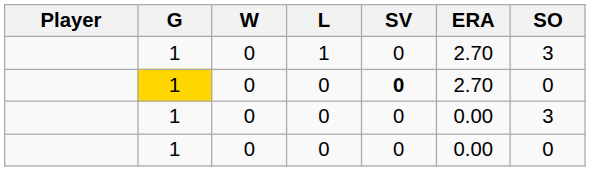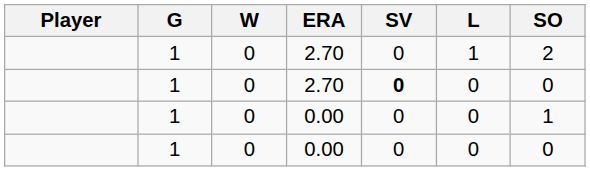 <table class="wikitable sortable">
 <tr>
 <th bgcolor="#DDDDFF" width="16%">Player</th>
 <th bgcolor="#DDDDFF" width="9%">G</th>
 <th bgcolor="#DDDDFF" width="9%">W</th>
+<th bgcolor="#DDDDFF" width="9%">ERA</th>
+<th bgcolor="#DDDDFF" width="9%">SV</th>
 <th bgcolor="#DDDDFF" width="9%">L</th>
-<th bgcolor="#DDDDFF" width="9%">SV</th>
-<th bgcolor="#DDDDFF" width="9%">ERA</th>
 <th bgcolor="#DDDDFF" width="9%">SO</th>
 </tr>
 <tr align="center">
 <td></td>
 <td>1</td>
 <td>0</td>
+<td>2.70</td>
+<td>0</td>
+<td>1</td>
+<td>2</td>
+</tr>
+<tr align="center">
+<td></td>
 <td>1</td>
 <td>0</td>
 <td>2.70</td>
-<td>3</td>
-</tr>
-<tr align="center">
-<td></td>
-<td style="background: gold;">1</td>
+<td><strong>0</strong></td>
 <td>0</td>
-<td>0</td>
-<td><strong>0</strong></td>
-<td>2.70</td>
 <td>0</td>
 </tr>
 <tr align="center">
 <td></td>
 <td>1</td>
 <td>0</td>
+<td>0.00</td>
 <td>0</td>
 <td>0</td>
-<td>0.00</td>
-<td>3</td>
+<td>1</td>
 </tr>
 <tr align="center">
 <td></td>
 <td>1</td>
 <td>0</td>
+<td>0.00</td>
 <td>0</td>
 <td>0</td>
-<td>0.00</td>
 <td>0</td>
 </tr>
 </table>
